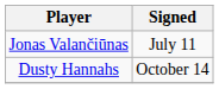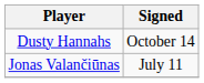 <table class="wikitable sortable sortable" style="text-align: center">
 <tr>
 <th>Player</th>
 <th>Signed</th>
 </tr>
 <tr>
+<td><a href='#'>Dusty Hannahs</a></td>
+<td>October 14</td>
+</tr>
+<tr>
 <td><a href='#'>Jonas Valančiūnas</a></td>
 <td>July 11</td>
 </tr>
 <tr>
-<td><a href='#'>Dusty Hannahs</a></td>
-<td>October 14</td>
-</tr>
-<tr>
 </tr>
 </table>
